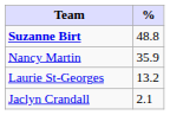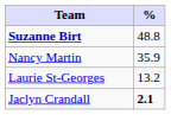 <table class="wikitable">
 <tr>
 <th style="background:#ddf; width:150px;">Team</th>
 <th style="background:#ddf; width:30px;">%</th>
 </tr>
 <tr>
 <td><strong> <a href='#'>Suzanne Birt</a></strong></td>
 <td>48.8</td>
 </tr>
 <tr>
 <td> <a href='#'>Nancy Martin</a></td>
 <td>35.9</td>
 </tr>
 <tr>
 <td> <a href='#'>Laurie St-Georges</a></td>
 <td>13.2</td>
 </tr>
 <tr>
 <td> <a href='#'>Jaclyn Crandall</a></td>
-<td>2.1</td>
+<td><strong>2.1</strong></td>
 </tr>
 </table>
